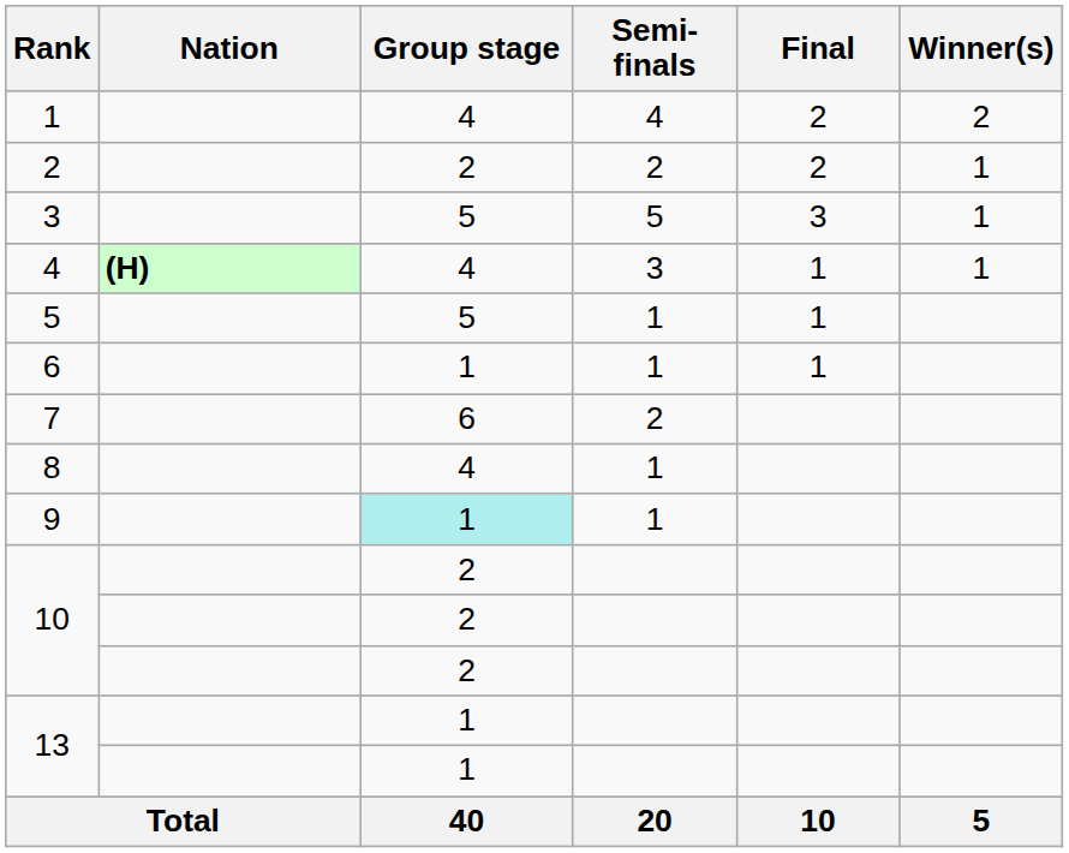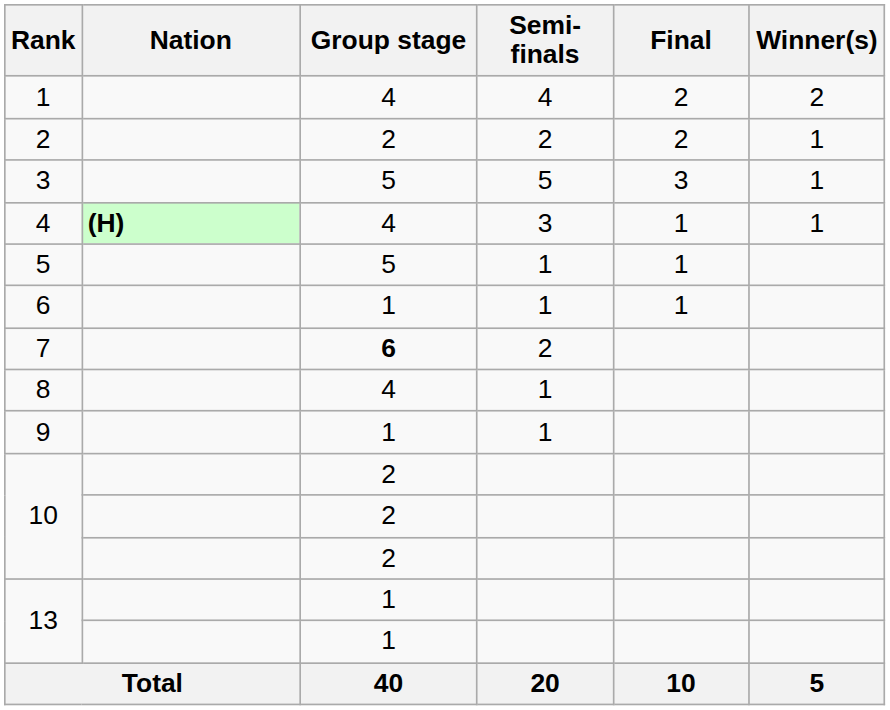 <table class="sortable wikitable" style="text-align:center">
 <tr>
 <th width="25">Rank</th>
 <th width="125">Nation</th>
 <th Width="100">Group stage</th>
 <th width="75">Semi-finals</th>
 <th width="75">Final</th>
 <th width="75">Winner(s)</th>
 </tr>
 <tr>
 <td>1</td>
 <td align="left"></td>
 <td>4</td>
 <td>4</td>
 <td>2</td>
 <td>2</td>
 </tr>
 <tr>
 <td>2</td>
 <td align="left"></td>
 <td>2</td>
 <td>2</td>
 <td>2</td>
 <td>1</td>
 </tr>
 <tr>
 <td>3</td>
 <td align="left"></td>
 <td>5</td>
 <td>5</td>
 <td>3</td>
 <td>1</td>
 </tr>
 <tr>
 <td>4</td>
 <td align="left" bgcolor="#ccffcc"> <strong>(H)</strong></td>
 <td>4</td>
 <td>3</td>
 <td>1</td>
 <td>1</td>
 </tr>
 <tr>
 <td>5</td>
 <td align="left"></td>
 <td>5</td>
 <td>1</td>
 <td>1</td>
 <td></td>
 </tr>
 <tr>
 <td>6</td>
 <td align="left"></td>
 <td>1</td>
 <td>1</td>
 <td>1</td>
 <td></td>
 </tr>
 <tr>
 <td>7</td>
 <td align="left"></td>
-<td>6</td>
+<td><strong>6</strong></td>
 <td>2</td>
 <td></td>
 <td></td>
 </tr>
 <tr>
 <td>8</td>
 <td align="left"></td>
 <td>4</td>
 <td>1</td>
 <td></td>
 <td></td>
 </tr>
 <tr>
 <td>9</td>
 <td align="left"></td>
-<td style="background: paleturquoise;">1</td>
+<td>1</td>
 <td>1</td>
 <td></td>
 <td></td>
 </tr>
 <tr>
 <td rowspan="3">10</td>
 <td align="left"></td>
 <td>2</td>
 <td></td>
 <td></td>
 <td></td>
 </tr>
 <tr>
 <td align="left"></td>
 <td>2</td>
 <td></td>
 <td></td>
 <td></td>
 </tr>
 <tr>
 <td align="left"></td>
 <td>2</td>
 <td></td>
 <td></td>
 <td></td>
 </tr>
 <tr>
 <td rowspan="2">13</td>
 <td align="left"></td>
 <td>1</td>
 <td></td>
 <td></td>
 <td></td>
 </tr>
 <tr>
 <td align="left"></td>
 <td>1</td>
 <td></td>
 <td></td>
 <td></td>
 </tr>
 <tr>
 <th colspan="2">Total</th>
 <th>40</th>
 <th>20</th>
 <th>10</th>
 <th>5</th>
 </tr>
 </table>
